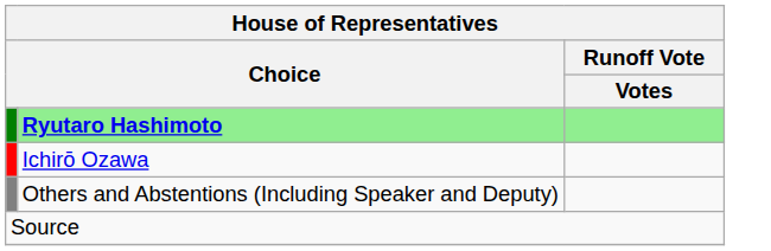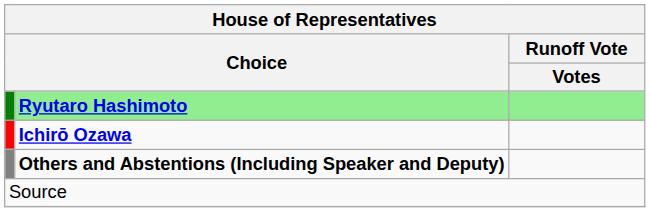 <table class="wikitable" style="font-size:90%;">
 <tr>
 <th colspan="4">House of Representatives</th>
 </tr>
 <tr>
 <th align="left" rowspan="2" colspan="2" width="100">Choice</th>
 <th colspan="2">Runoff Vote</th>
 </tr>
 <tr>
 <th width="100">Votes</th>
 </tr>
 <tr style="background:lightgreen;">
 <td width="1" bgcolor="green"></td>
 <td align="left"><strong><a href='#'>Ryutaro Hashimoto</a></strong></td>
 <td></td>
 </tr>
 <tr>
 <td bgcolor="red"></td>
-<td align="left"><a href='#'>Ichirō Ozawa</a></td>
+<td align="left"><strong><a href='#'>Ichirō Ozawa</a></strong></td>
 <td></td>
 </tr>
 <tr>
 <td bgcolor="gray"></td>
-<td align="left">Others and Abstentions (Including Speaker and Deputy)</td>
+<td align="left"><strong>Others and Abstentions (Including Speaker and Deputy)</strong></td>
 <td></td>
 </tr>
 <tr>
 <td colspan=3>Source </td>
 </tr>
 <tr>
 </tr>
 </table>
